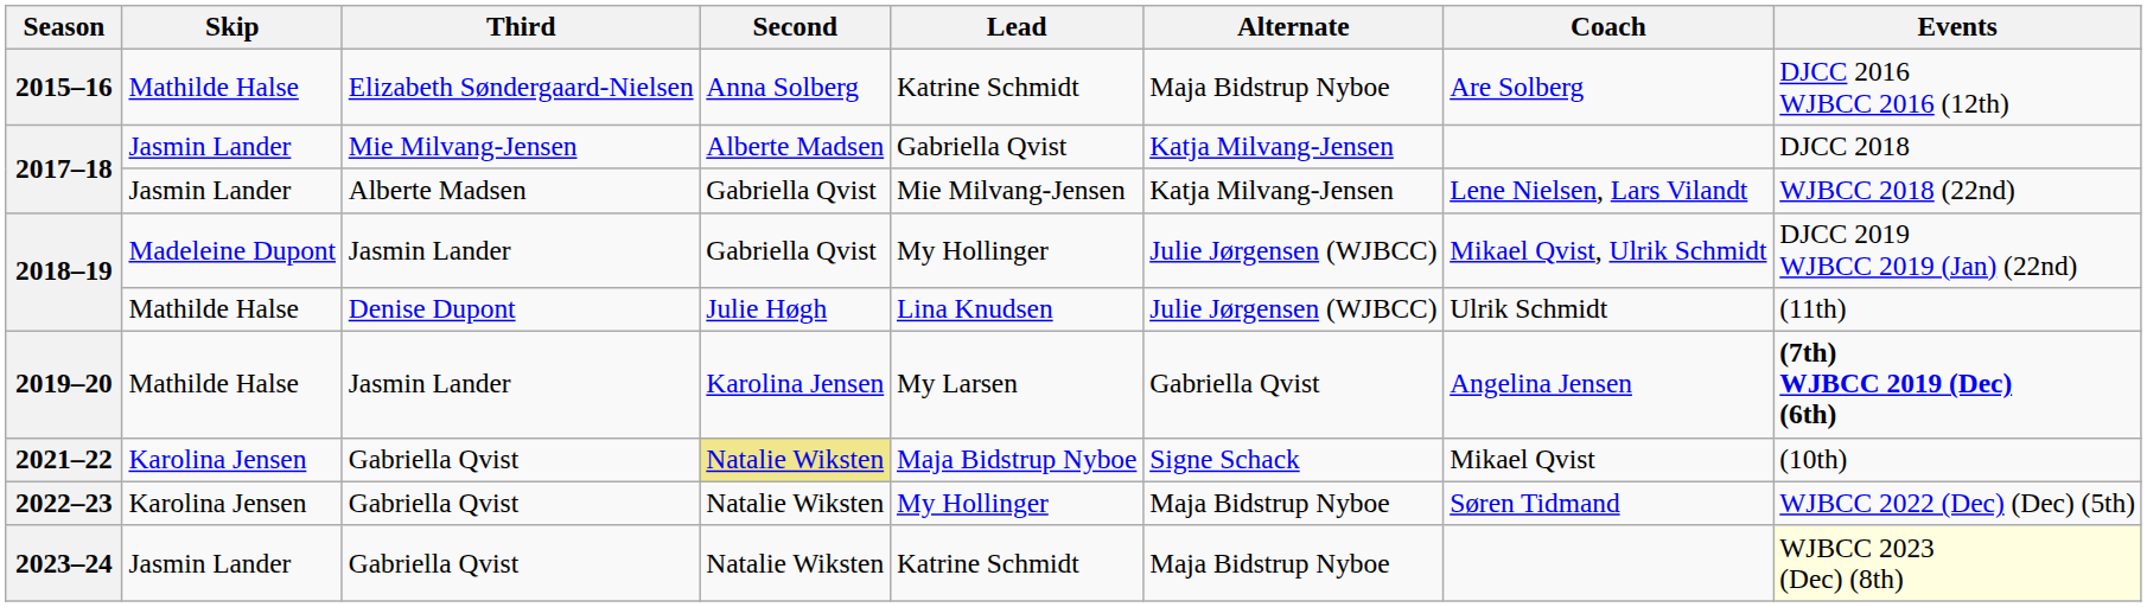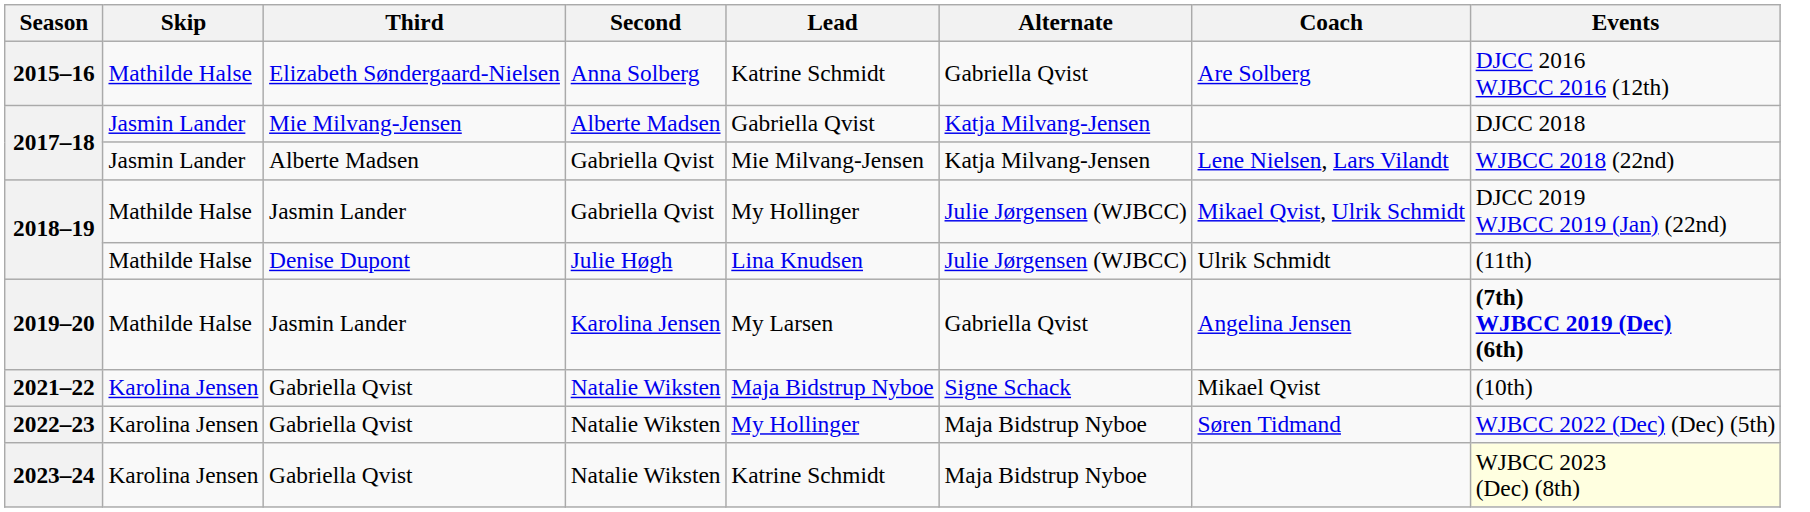 <table class="wikitable">
 <tr>
 <th scope="col" width=60>Season</th>
 <th scope="col">Skip</th>
 <th scope="col">Third</th>
 <th scope="col">Second</th>
 <th scope="col">Lead</th>
 <th scope="col">Alternate</th>
 <th scope="col">Coach</th>
 <th scope="col">Events</th>
 </tr>
 <tr>
 <th scope="row">2015–16</th>
 <td><a href='#'>Mathilde Halse</a></td>
 <td><a href='#'>Elizabeth Søndergaard-Nielsen</a></td>
 <td><a href='#'>Anna Solberg</a></td>
 <td>Katrine Schmidt</td>
-<td>Maja Bidstrup Nyboe</td>
+<td>Gabriella Qvist</td>
 <td><a href='#'>Are Solberg</a></td>
 <td><a href='#'>DJCC</a> 2016 <br><a href='#'>WJBCC 2016</a> (12th)</td>
 </tr>
 <tr>
 <th scope="row" rowspan=2>2017–18</th>
 <td><a href='#'>Jasmin Lander</a></td>
 <td><a href='#'>Mie Milvang-Jensen</a></td>
 <td><a href='#'>Alberte Madsen</a></td>
 <td>Gabriella Qvist</td>
 <td><a href='#'>Katja Milvang-Jensen</a></td>
 <td></td>
 <td>DJCC 2018 </td>
 </tr>
 <tr>
 <td>Jasmin Lander</td>
 <td>Alberte Madsen</td>
 <td>Gabriella Qvist</td>
 <td>Mie Milvang-Jensen</td>
 <td>Katja Milvang-Jensen</td>
 <td><a href='#'>Lene Nielsen</a>, <a href='#'>Lars Vilandt</a></td>
 <td><a href='#'>WJBCC 2018</a> (22nd)</td>
 </tr>
 <tr>
 <th scope="row" rowspan=2>2018–19</th>
-<td><a href='#'>Madeleine Dupont</a></td>
+<td>Mathilde Halse</td>
 <td>Jasmin Lander</td>
 <td>Gabriella Qvist</td>
 <td>My Hollinger</td>
 <td><a href='#'>Julie Jørgensen</a> (WJBCC)</td>
 <td><a href='#'>Mikael Qvist</a>, <a href='#'>Ulrik Schmidt</a></td>
 <td>DJCC 2019 <br><a href='#'>WJBCC 2019 (Jan)</a> (22nd)</td>
 </tr>
 <tr>
 <td>Mathilde Halse</td>
 <td><a href='#'>Denise Dupont</a></td>
 <td><a href='#'>Julie Høgh</a></td>
 <td><a href='#'>Lina Knudsen</a></td>
 <td><a href='#'>Julie Jørgensen</a> (WJBCC)</td>
 <td>Ulrik Schmidt</td>
 <td> (11th)</td>
 </tr>
 <tr>
 <th scope="row">2019–20</th>
 <td>Mathilde Halse</td>
 <td>Jasmin Lander</td>
 <td><a href='#'>Karolina Jensen</a></td>
 <td>My Larsen</td>
 <td>Gabriella Qvist</td>
 <td><a href='#'>Angelina Jensen</a></td>
 <td><strong> (7th)<br><a href='#'>WJBCC 2019 (Dec)</a> <br> (6th)</strong></td>
 </tr>
 <tr>
 <th scope="row">2021–22</th>
 <td><a href='#'>Karolina Jensen</a></td>
 <td>Gabriella Qvist</td>
-<td style="background: khaki;"><a href='#'>Natalie Wiksten</a></td>
+<td><a href='#'>Natalie Wiksten</a></td>
 <td><a href='#'>Maja Bidstrup Nyboe</a></td>
 <td><a href='#'>Signe Schack</a></td>
 <td>Mikael Qvist</td>
 <td> (10th)</td>
 </tr>
 <tr>
 <th>2022–23</th>
 <td>Karolina Jensen</td>
 <td>Gabriella Qvist</td>
 <td>Natalie Wiksten</td>
 <td><a href='#'>My Hollinger</a></td>
 <td>Maja Bidstrup Nyboe</td>
 <td><a href='#'>Søren Tidmand</a></td>
 <td><a href='#'>WJBCC 2022 (Dec)</a> (Dec) (5th)</td>
 </tr>
 <tr>
 <th>2023–24</th>
-<td>Jasmin Lander</td>
+<td>Karolina Jensen</td>
 <td>Gabriella Qvist</td>
 <td>Natalie Wiksten</td>
 <td>Katrine Schmidt</td>
 <td>Maja Bidstrup Nyboe</td>
 <td></td>
 <td style="background: lightyellow;">WJBCC 2023<br>(Dec) (8th)</td>
 </tr>
 </table>
